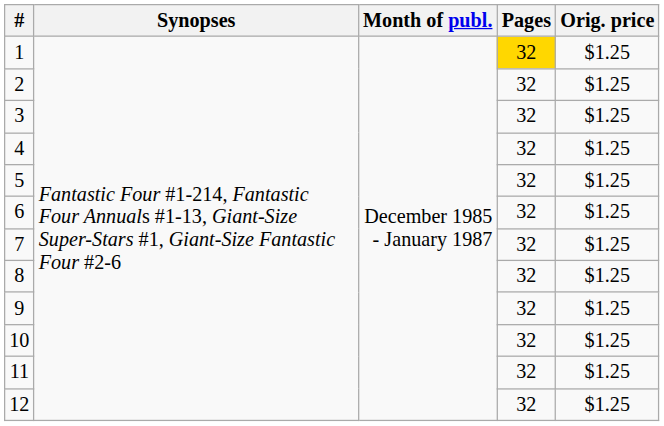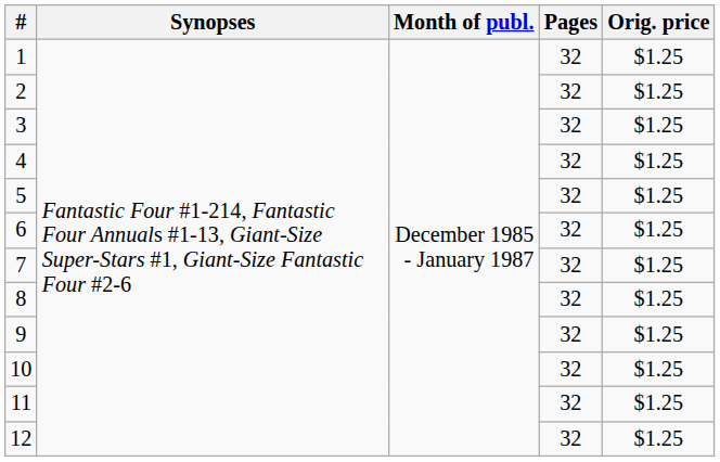 <table class="wikitable">
 <tr>
 <th>#</th>
 <th width="250">Synopses</th>
 <th>Month of <a href='#'>publ.</a></th>
 <th>Pages</th>
 <th>Orig. price</th>
 </tr>
 <tr align="center">
 <td>1</td>
 <td align="left" rowspan="12"><em>Fantastic Four</em> #1-214, <em>Fantastic Four Annual</em>s #1-13, <em>Giant-Size Super-Stars</em> #1, <em>Giant-Size Fantastic Four</em> #2-6</td>
 <td align="right" rowspan="12">December 1985<br> - January 1987</td>
-<td style="background: gold;">32</td>
+<td>32</td>
 <td>$1.25</td>
 </tr>
 <tr align="center">
 <td>2</td>
 <td>32</td>
 <td>$1.25</td>
 </tr>
 <tr align="center">
 <td>3</td>
 <td>32</td>
 <td>$1.25</td>
 </tr>
 <tr align="center">
 <td>4</td>
 <td>32</td>
 <td>$1.25</td>
 </tr>
 <tr align="center">
 <td>5</td>
 <td>32</td>
 <td>$1.25</td>
 </tr>
 <tr align="center">
 <td>6</td>
 <td>32</td>
 <td>$1.25</td>
 </tr>
 <tr align="center">
 <td>7</td>
 <td>32</td>
 <td>$1.25</td>
 </tr>
 <tr align="center">
 <td>8</td>
 <td>32</td>
 <td>$1.25</td>
 </tr>
 <tr align="center">
 <td>9</td>
 <td>32</td>
 <td>$1.25</td>
 </tr>
 <tr align="center">
 <td>10</td>
 <td>32</td>
 <td>$1.25</td>
 </tr>
 <tr align="center">
 <td>11</td>
 <td>32</td>
 <td>$1.25</td>
 </tr>
 <tr align="center">
 <td>12</td>
 <td>32</td>
 <td>$1.25</td>
 </tr>
 </table>
